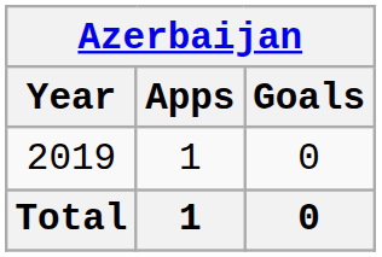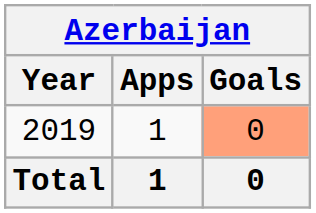 <table class="wikitable" style="text-align:center">
 <tr>
 <th colspan=3><a href='#'>Azerbaijan</a></th>
 </tr>
 <tr>
 <th>Year</th>
 <th>Apps</th>
 <th>Goals</th>
 </tr>
 <tr>
 <td>2019</td>
 <td>1</td>
-<td>0</td>
+<td style="background: lightsalmon;">0</td>
 </tr>
 <tr>
 <th>Total</th>
 <th>1</th>
 <th>0</th>
 </tr>
 </table>
